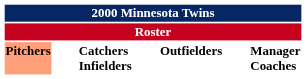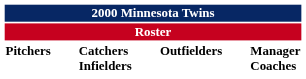 <table class="toccolours" style="font-size: 95%;">
 <tr>
 <th colspan="10" style="background-color: #072764; color: #FFFFFF; text-align: center;">2000 Minnesota Twins</th>
 </tr>
 <tr>
 <td colspan="10" style="background-color: #c6011f; color: white; text-align: center;"><strong>Roster</strong></td>
 </tr>
 <tr>
-<td valign="top" style="background: lightsalmon;"><strong>Pitchers</strong><br>                </td>
+<td valign="top"><strong>Pitchers</strong><br>                </td>
 <td width="25px"></td>
 <td valign="top"><strong>Catchers</strong><br>     <strong>Infielders</strong>          </td>
 <td width="25px"></td>
 <td valign="top"><strong>Outfielders</strong><br>        </td>
 <td width="25px"></td>
 <td valign="top"><strong>Manager</strong><br> <strong>Coaches</strong>      </td>
 </tr>
 <tr>
 </tr>
 </table>
